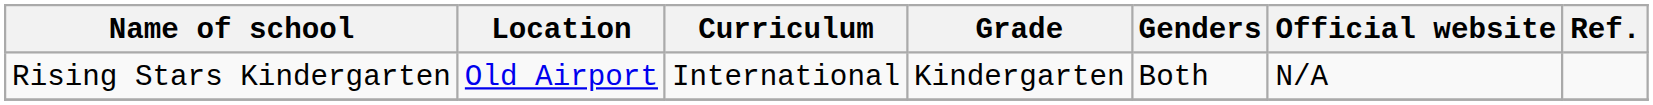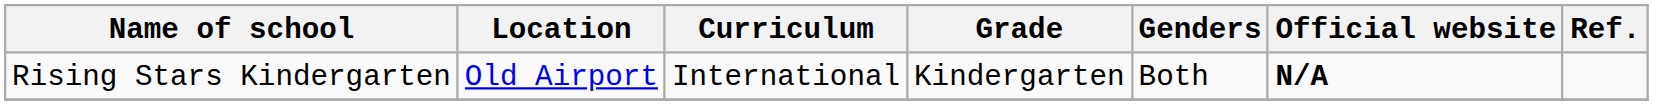 <table class="wikitable">
 <tr>
 <th>Name of school</th>
 <th>Location</th>
 <th>Curriculum</th>
 <th>Grade</th>
 <th>Genders</th>
 <th>Official website</th>
 <th>Ref.</th>
 </tr>
 <tr>
 <td>Rising Stars Kindergarten</td>
 <td><a href='#'>Old Airport</a></td>
 <td>International</td>
 <td>Kindergarten</td>
 <td>Both</td>
-<td>N/A</td>
+<td><strong>N/A</strong></td>
 <td></td>
 </tr>
 <tr>
 </tr>
 </table>
